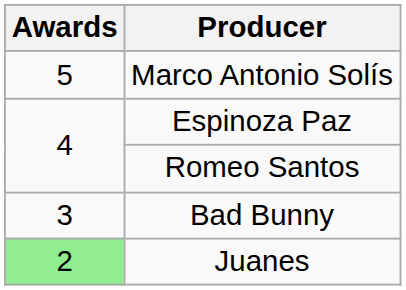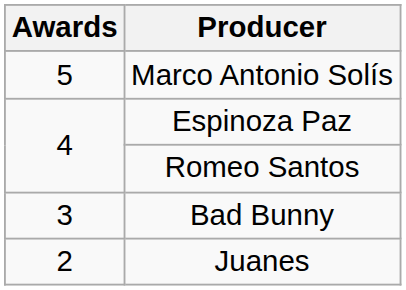 <table class="wikitable" rowspan="2" style="text-align:center;">
 <tr>
 <th scope="col">Awards</th>
 <th scope="col">Producer</th>
 </tr>
 <tr>
 <td>5</td>
 <td>Marco Antonio Solís</td>
 </tr>
 <tr>
 <td rowspan="2">4</td>
 <td>Espinoza Paz</td>
 </tr>
 <tr>
 <td>Romeo Santos</td>
 </tr>
 <tr>
 <td>3</td>
 <td>Bad Bunny</td>
 </tr>
 <tr>
-<td style="background: lightgreen;">2</td>
+<td>2</td>
 <td>Juanes</td>
 </tr>
 </table>
